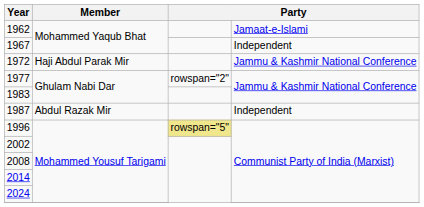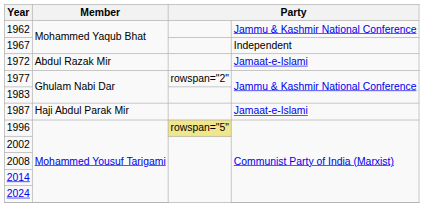 <table class="wikitable sortable">
 <tr>
 <th>Year</th>
 <th>Member</th>
 <th colspan="2">Party</th>
 </tr>
 <tr>
 <td>1962</td>
 <td rowspan="2">Mohammed Yaqub Bhat</td>
 <td></td>
-<td><a href='#'>Jamaat-e-Islami</a></td>
+<td><a href='#'>Jammu & Kashmir National Conference</a></td>
 </tr>
 <tr>
 <td>1967</td>
 <td></td>
 <td>Independent</td>
 </tr>
 <tr>
 <td>1972</td>
-<td>Haji Abdul Parak Mir</td>
+<td>Abdul Razak Mir</td>
 <td></td>
-<td><a href='#'>Jammu & Kashmir National Conference</a></td>
+<td><a href='#'>Jamaat-e-Islami</a></td>
 </tr>
 <tr>
 <td>1977</td>
 <td rowspan="2">Ghulam Nabi Dar</td>
 <td>rowspan="2" </td>
 <td rowspan="2"><a href='#'>Jammu & Kashmir National Conference</a></td>
 </tr>
 <tr>
 <td>1983</td>
 </tr>
 <tr>
 <td>1987</td>
-<td>Abdul Razak Mir</td>
+<td>Haji Abdul Parak Mir</td>
 <td></td>
-<td>Independent</td>
+<td><a href='#'>Jamaat-e-Islami</a></td>
 </tr>
 <tr>
 <td>1996</td>
 <td rowspan="5"><a href='#'>Mohammed Yousuf Tarigami</a></td>
 <td style="background: khaki;">rowspan="5" </td>
 <td rowspan="5"><a href='#'>Communist Party of India (Marxist)</a></td>
 </tr>
 <tr>
 <td>2002</td>
 </tr>
 <tr>
 <td>2008</td>
 </tr>
 <tr>
 <td><a href='#'>2014</a></td>
 </tr>
 <tr>
 <td><a href='#'>2024</a></td>
 </tr>
 <tr>
 </tr>
 </table>
